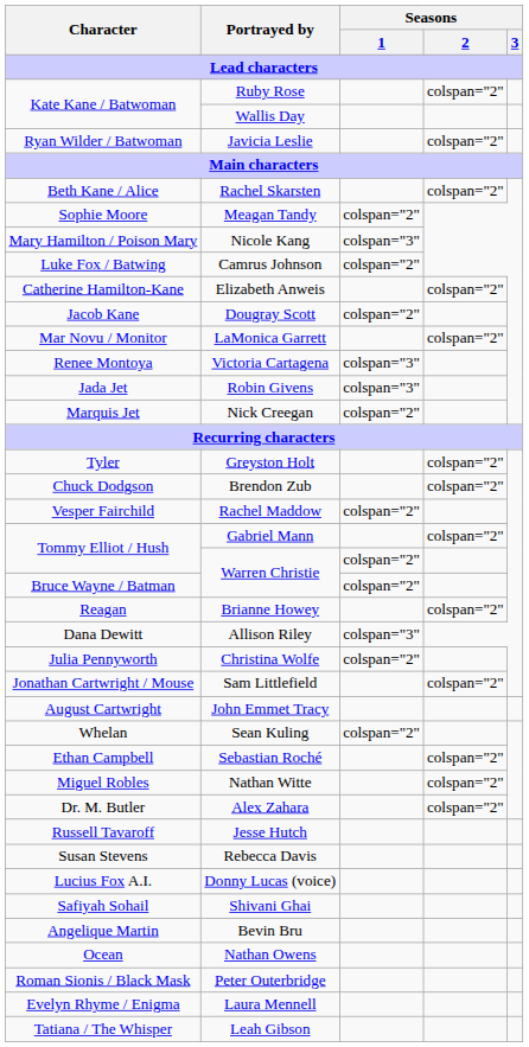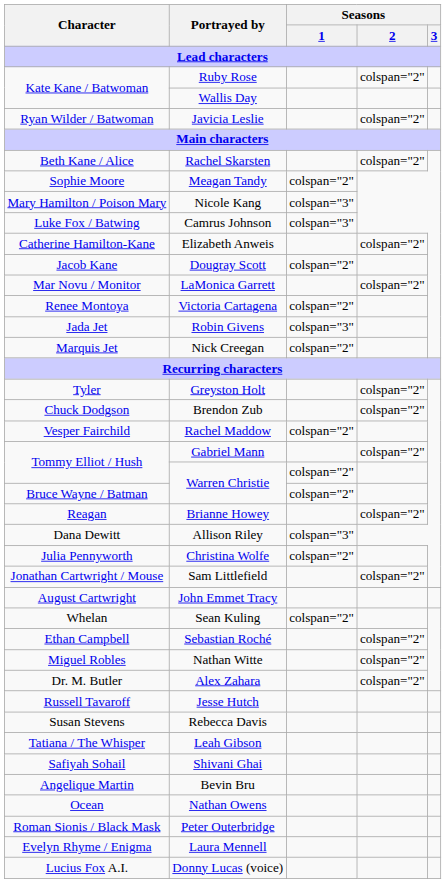 <table class="wikitable plainrowheaders" style="text-align:center;">
 <tr>
 <th scope="col" rowspan="2">Character</th>
 <th scope="col" rowspan="2">Portrayed by</th>
 <th scope="col" colspan="3">Seasons</th>
 </tr>
 <tr>
 <th scope="col"><a href='#'>1</a></th>
 <th scope="col"><a href='#'>2</a></th>
 <th scope="col"><a href='#'>3</a></th>
 </tr>
 <tr>
 <th colspan="5" style="background:#ccf;"><a href='#'>Lead characters</a></th>
 </tr>
 <tr>
 <td scope="row" rowspan="2"><a href='#'>Kate Kane / Batwoman</a></td>
 <td><a href='#'>Ruby Rose</a></td>
 <td></td>
 <td>colspan="2" </td>
 </tr>
 <tr>
 <td><a href='#'>Wallis Day</a></td>
 <td></td>
 <td></td>
 <td></td>
 </tr>
 <tr>
 <td scope="row"><a href='#'>Ryan Wilder / Batwoman</a></td>
 <td><a href='#'>Javicia Leslie</a></td>
 <td></td>
 <td>colspan="2" </td>
 </tr>
 <tr>
 <th colspan="5" style="background:#ccf;"><a href='#'>Main characters</a></th>
 </tr>
 <tr>
 <td scope="row"><a href='#'>Beth Kane / Alice</a></td>
 <td><a href='#'>Rachel Skarsten</a></td>
 <td></td>
 <td>colspan="2" </td>
 </tr>
 <tr>
 <td scope="row"><a href='#'>Sophie Moore</a></td>
 <td><a href='#'>Meagan Tandy</a></td>
 <td>colspan="2" </td>
 </tr>
 <tr>
 <td scope="row"><a href='#'>Mary Hamilton / Poison Mary</a></td>
 <td>Nicole Kang</td>
 <td>colspan="3" </td>
 </tr>
 <tr>
 <td scope="row"><a href='#'>Luke Fox / Batwing</a></td>
 <td>Camrus Johnson</td>
-<td>colspan="2" </td>
+<td>colspan="3" </td>
 </tr>
 <tr>
 <td scope="row"><a href='#'>Catherine Hamilton-Kane</a></td>
 <td>Elizabeth Anweis</td>
 <td></td>
 <td>colspan="2" </td>
 </tr>
 <tr>
 <td scope="row"><a href='#'>Jacob Kane</a></td>
 <td><a href='#'>Dougray Scott</a></td>
 <td>colspan="2" </td>
 <td></td>
 </tr>
 <tr>
 <td scope="row"><a href='#'>Mar Novu / Monitor</a></td>
 <td><a href='#'>LaMonica Garrett</a></td>
 <td></td>
 <td>colspan="2" </td>
 </tr>
 <tr>
 <td scope="row"><a href='#'>Renee Montoya</a></td>
 <td><a href='#'>Victoria Cartagena</a></td>
-<td>colspan="3" </td>
+<td>colspan="2" </td>
 <td></td>
 </tr>
 <tr>
 <td scope="row"><a href='#'>Jada Jet</a></td>
 <td><a href='#'>Robin Givens</a></td>
 <td>colspan="3" </td>
 <td></td>
 </tr>
 <tr>
 <td scope="row"><a href='#'>Marquis Jet</a></td>
 <td>Nick Creegan</td>
 <td>colspan="2" </td>
 <td></td>
 </tr>
 <tr>
 <th colspan="5" style="background:#ccf;"><a href='#'>Recurring characters</a></th>
 </tr>
 <tr>
 <td scope="row"><a href='#'>Tyler</a></td>
 <td scope="row"><a href='#'>Greyston Holt</a></td>
 <td></td>
 <td>colspan="2" </td>
 </tr>
 <tr>
 <td scope="row"><a href='#'>Chuck Dodgson</a></td>
 <td scope="row">Brendon Zub</td>
 <td></td>
 <td>colspan="2" </td>
 </tr>
 <tr>
 <td scope="row"><a href='#'>Vesper Fairchild</a></td>
 <td scope="row"><a href='#'>Rachel Maddow</a></td>
 <td>colspan="2" </td>
 <td></td>
 </tr>
 <tr>
 <td rowspan="2" scope="row"><a href='#'>Tommy Elliot / Hush</a></td>
 <td scope="row"><a href='#'>Gabriel Mann</a></td>
 <td></td>
 <td>colspan="2" </td>
 </tr>
 <tr>
 <td rowspan="2" scope="row"><a href='#'>Warren Christie</a></td>
 <td>colspan="2" </td>
 <td></td>
 </tr>
 <tr>
 <td><a href='#'>Bruce Wayne / Batman</a></td>
 <td>colspan="2" </td>
 <td></td>
 </tr>
 <tr>
 <td scope="row"><a href='#'>Reagan</a></td>
 <td scope="row"><a href='#'>Brianne Howey</a></td>
 <td></td>
 <td>colspan="2" </td>
 </tr>
 <tr>
 <td>Dana Dewitt</td>
 <td>Allison Riley</td>
 <td>colspan="3" </td>
 </tr>
 <tr>
 <td scope="row"><a href='#'>Julia Pennyworth</a></td>
 <td scope="row"><a href='#'>Christina Wolfe</a></td>
 <td>colspan="2" </td>
 <td></td>
 </tr>
 <tr>
 <td scope="row"><a href='#'>Jonathan Cartwright / Mouse</a></td>
 <td scope="row">Sam Littlefield</td>
 <td></td>
 <td>colspan="2" </td>
 </tr>
 <tr>
 <td scope="row"><a href='#'>August Cartwright</a></td>
 <td scope="row"><a href='#'>John Emmet Tracy</a></td>
 <td></td>
 <td></td>
 <td></td>
 </tr>
 <tr>
 <td scope="row">Whelan</td>
 <td scope="row">Sean Kuling</td>
 <td>colspan="2" </td>
 <td></td>
 </tr>
 <tr>
 <td scope="row"><a href='#'>Ethan Campbell</a></td>
 <td scope="row"><a href='#'>Sebastian Roché</a></td>
 <td></td>
 <td>colspan="2" </td>
 </tr>
 <tr>
 <td scope="row"><a href='#'>Miguel Robles</a></td>
 <td scope="row">Nathan Witte</td>
 <td></td>
 <td>colspan="2" </td>
 </tr>
 <tr>
 <td scope="row">Dr. M. Butler</td>
 <td scope="row"><a href='#'>Alex Zahara</a></td>
 <td></td>
 <td>colspan="2" </td>
 </tr>
 <tr>
 <td scope="row"><a href='#'>Russell Tavaroff</a></td>
 <td scope="row"><a href='#'>Jesse Hutch</a></td>
 <td></td>
 <td></td>
 <td></td>
 </tr>
 <tr>
 <td scope="row">Susan Stevens</td>
 <td scope="row">Rebecca Davis</td>
 <td></td>
 <td></td>
 <td></td>
 </tr>
 <tr>
-<td scope="row"><a href='#'>Lucius Fox</a> A.I.</td>
-<td scope="row"><a href='#'>Donny Lucas</a> (voice)</td>
+<td scope="row"><a href='#'>Tatiana / The Whisper</a></td>
+<td scope="row"><a href='#'>Leah Gibson</a></td>
 <td></td>
 <td></td>
 <td></td>
 </tr>
 <tr>
 <td scope="row"><a href='#'>Safiyah Sohail</a></td>
 <td scope="row"><a href='#'>Shivani Ghai</a></td>
 <td></td>
 <td></td>
 <td></td>
 </tr>
 <tr>
 <td scope="row"><a href='#'>Angelique Martin</a></td>
 <td scope="row">Bevin Bru</td>
 <td></td>
 <td></td>
 <td></td>
 </tr>
 <tr>
 <td scope="row"><a href='#'>Ocean</a></td>
 <td scope="row"><a href='#'>Nathan Owens</a></td>
 <td></td>
 <td></td>
 <td></td>
 </tr>
 <tr>
 <td scope="row"><a href='#'>Roman Sionis / Black Mask</a></td>
 <td scope="row"><a href='#'>Peter Outerbridge</a></td>
 <td></td>
 <td></td>
 <td></td>
 </tr>
 <tr>
 <td scope="row"><a href='#'>Evelyn Rhyme / Enigma</a></td>
 <td scope="row"><a href='#'>Laura Mennell</a></td>
 <td></td>
 <td></td>
 <td></td>
 </tr>
 <tr>
-<td scope="row"><a href='#'>Tatiana / The Whisper</a></td>
-<td scope="row"><a href='#'>Leah Gibson</a></td>
+<td scope="row"><a href='#'>Lucius Fox</a> A.I.</td>
+<td scope="row"><a href='#'>Donny Lucas</a> (voice)</td>
 <td></td>
 <td></td>
 <td></td>
 </tr>
 </table>
